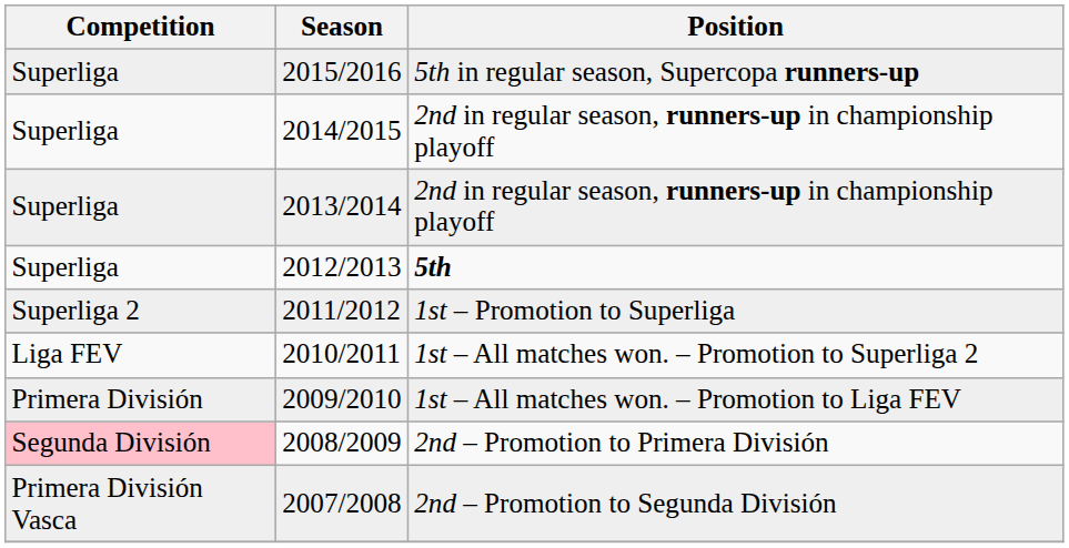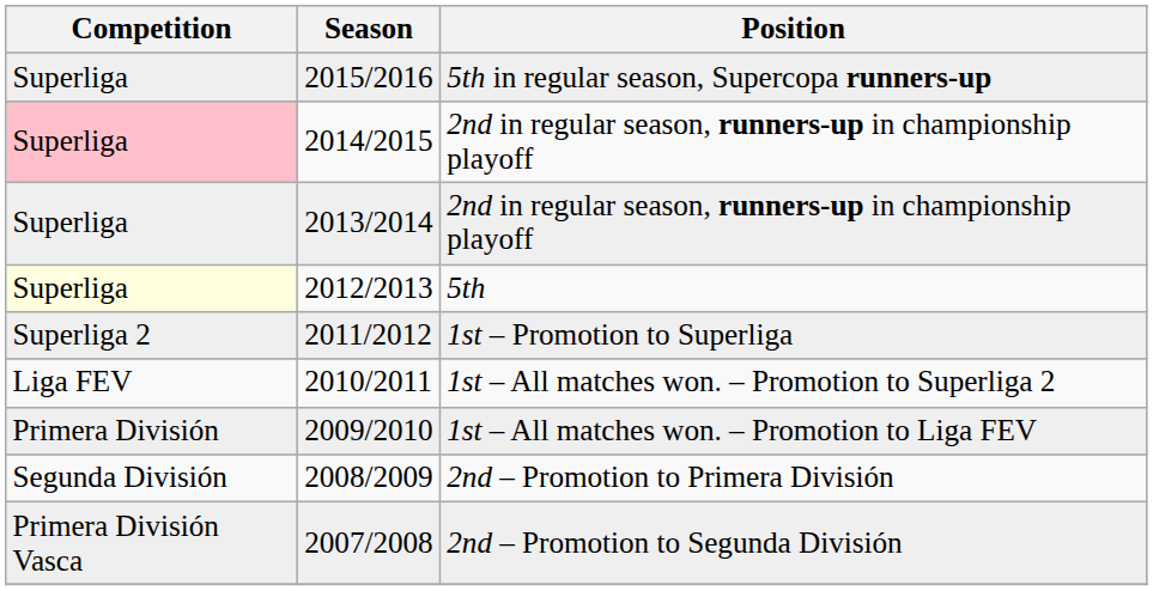 <table class="wikitable">
 <tr>
 <th>Competition</th>
 <th>Season</th>
 <th>Position</th>
 </tr>
 <tr bgcolor="#EFEFEF">
 <td>Superliga</td>
 <td>2015/2016</td>
 <td><em>5th</em> in regular season, Supercopa <strong>runners-up</strong></td>
 </tr>
 <tr ----->
-<td>Superliga</td>
+<td style="background: pink;">Superliga</td>
 <td>2014/2015</td>
 <td><em>2nd</em> in regular season, <strong>runners-up</strong> in championship playoff</td>
 </tr>
 <tr bgcolor="#EFEFEF">
 <td>Superliga</td>
 <td>2013/2014</td>
 <td><em>2nd</em> in regular season, <strong>runners-up</strong> in championship playoff</td>
 </tr>
 <tr ---->
-<td>Superliga</td>
+<td style="background: lightyellow;">Superliga</td>
 <td>2012/2013</td>
-<td><strong><em>5th</em></strong></td>
+<td><em>5th</em></td>
 </tr>
 <tr bgcolor="#EFEFEF">
 <td>Superliga 2</td>
 <td>2011/2012</td>
 <td><em>1st</em> – Promotion to Superliga</td>
 </tr>
 <tr ---->
 <td>Liga FEV</td>
 <td>2010/2011</td>
 <td><em>1st</em> – All matches won. – Promotion to Superliga 2</td>
 </tr>
 <tr bgcolor="#EFEFEF">
 <td>Primera División</td>
 <td>2009/2010</td>
 <td><em>1st</em> – All matches won. – Promotion to Liga FEV</td>
 </tr>
 <tr ---->
-<td style="background: pink;">Segunda División</td>
+<td>Segunda División</td>
 <td>2008/2009</td>
 <td><em>2nd</em> – Promotion to Primera División</td>
 </tr>
 <tr bgcolor="#EFEFEF">
 <td>Primera División Vasca</td>
 <td>2007/2008</td>
 <td><em>2nd</em> – Promotion to Segunda División</td>
 </tr>
 <tr ---->
 </tr>
 </table>
